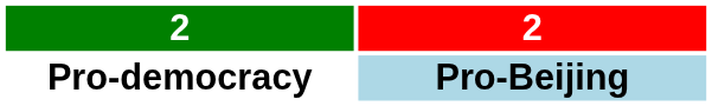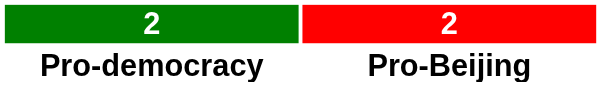 <table style="width:50%; text-align:center;">
 <tr style="color:white;">
 <td style="background:green; width:50%;"><strong>2</strong></td>
 <td style="background:red; width:50%;"><strong>2</strong></td>
 </tr>
 <tr>
 <td><span><strong>Pro-democracy</strong></span></td>
-<td style="background: lightblue;"><span><strong>Pro-Beijing</strong></span></td>
+<td><span><strong>Pro-Beijing</strong></span></td>
 </tr>
 </table>
